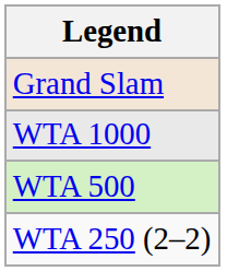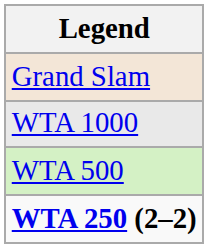 <table class="wikitable" style=font-size:90%>
 <tr>
 <th>Legend</th>
 </tr>
 <tr style="background:#f3e6d7;">
 <td><a href='#'>Grand Slam</a></td>
 </tr>
 <tr>
 <td bgcolor=e9e9e9><a href='#'>WTA 1000</a></td>
 </tr>
 <tr>
 <td bgcolor=d4f1c5><a href='#'>WTA 500</a></td>
 </tr>
 <tr>
-<td><a href='#'>WTA 250</a> (2–2)</td>
+<td><strong><a href='#'>WTA 250</a> (2–2)</strong></td>
 </tr>
 </table>
